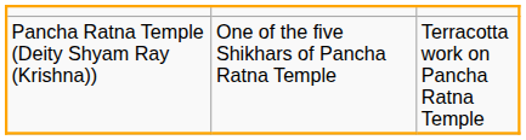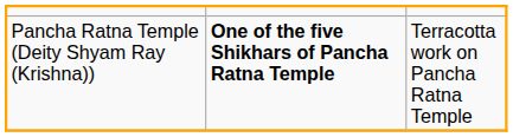 <table class="wikitable" align="center" width="30%" style="font-size:90%; border:2px solid orange;">
 <tr>
 <td width="40%" align="center" valign="center"></td>
 <td width="40%" align="center" valign="center"></td>
 <td width="40%" align="center" valign="center"></td>
 </tr>
 <tr>
 <td valign="top">Pancha Ratna Temple (Deity Shyam Ray (Krishna))</td>
-<td valign="top">One of the five Shikhars of Pancha Ratna Temple</td>
+<td valign="top"><strong>One of the five Shikhars of Pancha Ratna Temple</strong></td>
 <td valign="top">Terracotta work on Pancha Ratna Temple</td>
 </tr>
 <tr>
 </tr>
 </table>
